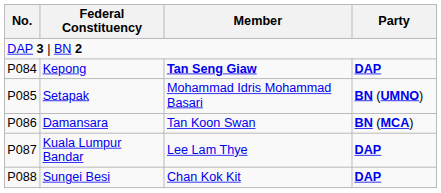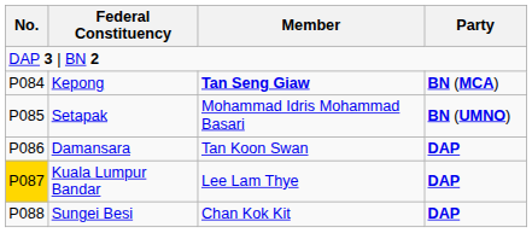 <table class="wikitable sortable">
 <tr>
 <th style="width:30px;">No.</th>
 <th style="width:150px;">Federal Constituency</th>
 <th style="width:230px;">Member</th>
 <th style="width:100px;">Party</th>
 </tr>
 <tr>
 <td colspan="4"><a href='#'>DAP</a> <strong>3</strong> | <a href='#'>BN</a> <strong>2</strong></td>
 </tr>
 <tr>
 <td>P084</td>
 <td><a href='#'>Kepong</a></td>
 <td><strong><a href='#'>Tan Seng Giaw</a></strong></td>
-<td><strong><a href='#'>DAP</a></strong></td>
+<td><strong><a href='#'>BN</a></strong> (<strong><a href='#'>MCA</a></strong>)</td>
 </tr>
 <tr>
 <td>P085</td>
 <td><a href='#'>Setapak</a></td>
 <td><a href='#'>Mohammad Idris Mohammad Basari</a></td>
 <td><strong><a href='#'>BN</a></strong> (<strong><a href='#'>UMNO</a></strong>)</td>
 </tr>
 <tr>
 <td>P086</td>
 <td><a href='#'>Damansara</a></td>
 <td><a href='#'>Tan Koon Swan</a></td>
-<td><strong><a href='#'>BN</a></strong> (<strong><a href='#'>MCA</a></strong>)</td>
+<td><strong><a href='#'>DAP</a></strong></td>
 </tr>
 <tr>
-<td>P087</td>
+<td style="background: gold;">P087</td>
 <td><a href='#'>Kuala Lumpur Bandar</a></td>
 <td><a href='#'>Lee Lam Thye</a></td>
 <td><strong><a href='#'>DAP</a></strong></td>
 </tr>
 <tr>
 <td>P088</td>
 <td><a href='#'>Sungei Besi</a></td>
 <td><a href='#'>Chan Kok Kit</a></td>
 <td><strong><a href='#'>DAP</a></strong></td>
 </tr>
 </table>
